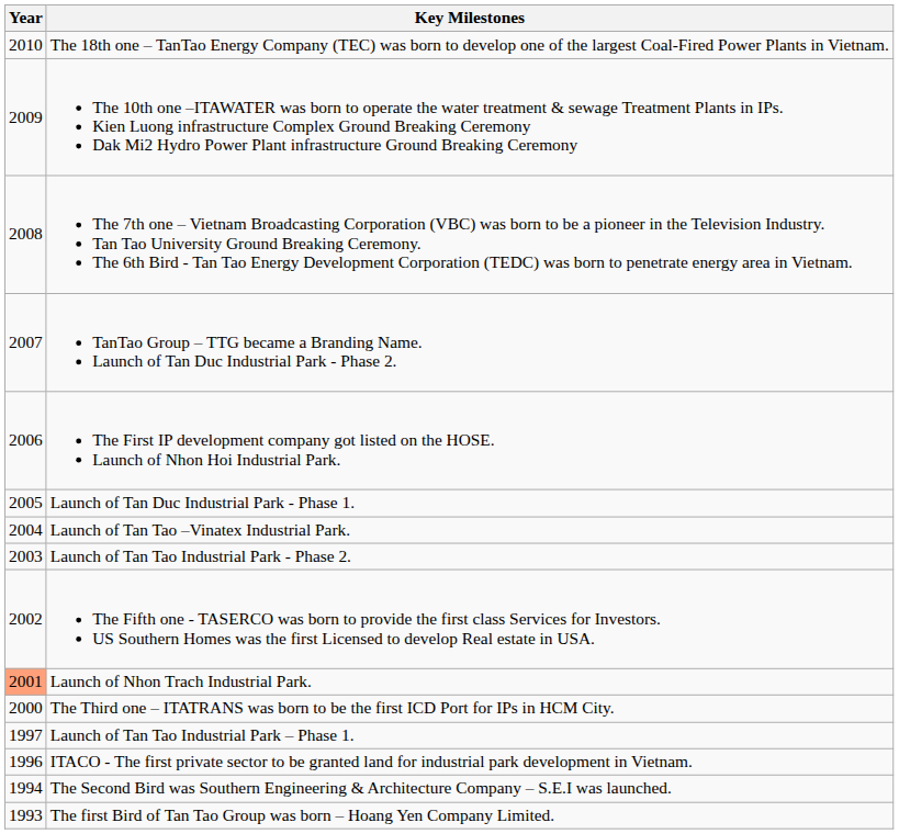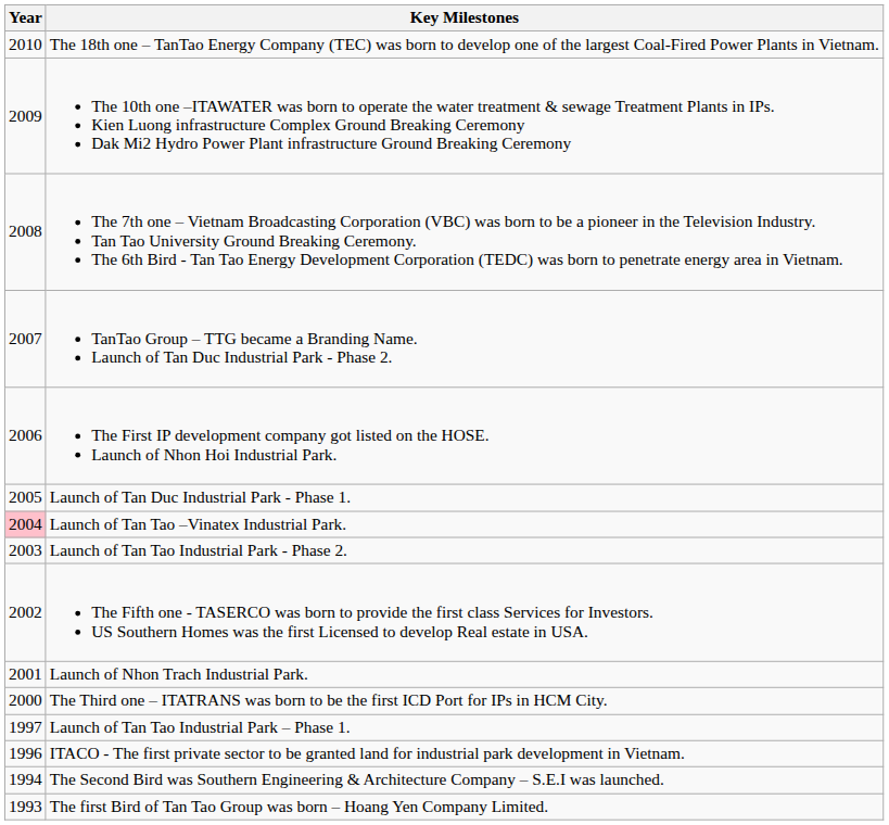 <table class="wikitable">
 <tr>
 <th>Year</th>
 <th>Key Milestones</th>
 </tr>
 <tr>
 <td>2010</td>
 <td>The 18th one – TanTao Energy Company (TEC) was born  to develop one of the largest Coal-Fired Power Plants in Vietnam.</td>
 </tr>
 <tr>
 <td>2009</td>
 <td><br><ul><li>The 10th one –ITAWATER was born to operate the water treatment & sewage Treatment Plants in IPs.</li><li>Kien Luong infrastructure Complex Ground Breaking Ceremony</li><li>Dak Mi2 Hydro Power Plant infrastructure Ground Breaking Ceremony</li></ul></td>
 </tr>
 <tr>
 <td>2008</td>
 <td><br><ul><li>The 7th one – Vietnam Broadcasting Corporation (VBC) was born to be a pioneer in the Television Industry.</li><li>Tan Tao University Ground Breaking Ceremony.</li><li>The 6th Bird - Tan Tao Energy Development Corporation (TEDC) was born to penetrate energy area in Vietnam.</li></ul></td>
 </tr>
 <tr>
 <td>2007</td>
 <td><br><ul><li>TanTao Group – TTG  became a Branding Name.</li><li>Launch of Tan Duc Industrial Park - Phase 2.</li></ul></td>
 </tr>
 <tr>
 <td>2006</td>
 <td><br><ul><li>The First IP development company got listed on the HOSE.</li><li>Launch of Nhon Hoi Industrial Park.</li></ul></td>
 </tr>
 <tr>
 <td>2005</td>
 <td>Launch of Tan Duc Industrial Park - Phase 1.</td>
 </tr>
 <tr>
-<td>2004</td>
+<td style="background: pink;">2004</td>
 <td>Launch of Tan Tao –Vinatex Industrial Park.</td>
 </tr>
 <tr>
 <td>2003</td>
 <td>Launch of Tan Tao Industrial Park - Phase 2.</td>
 </tr>
 <tr>
 <td>2002</td>
 <td><br><ul><li>The Fifth one - TASERCO was born to provide the first class Services for Investors.</li><li>US Southern Homes was the first Licensed to develop Real estate in USA.</li></ul></td>
 </tr>
 <tr>
-<td style="background: lightsalmon;">2001</td>
+<td>2001</td>
 <td>Launch of Nhon Trach Industrial Park.</td>
 </tr>
 <tr>
 <td>2000</td>
 <td>The Third one – ITATRANS  was born to be the first ICD Port for IPs in HCM City.</td>
 </tr>
 <tr>
 <td>1997</td>
 <td>Launch of Tan Tao Industrial Park – Phase 1.</td>
 </tr>
 <tr>
 <td>1996</td>
 <td>ITACO - The first private sector to be granted land for industrial park development in Vietnam.</td>
 </tr>
 <tr>
 <td>1994</td>
 <td>The Second Bird was Southern Engineering & Architecture Company – S.E.I was launched.</td>
 </tr>
 <tr>
 <td>1993</td>
 <td>The first  Bird of Tan Tao Group was born –  Hoang Yen Company Limited.</td>
 </tr>
 </table>
